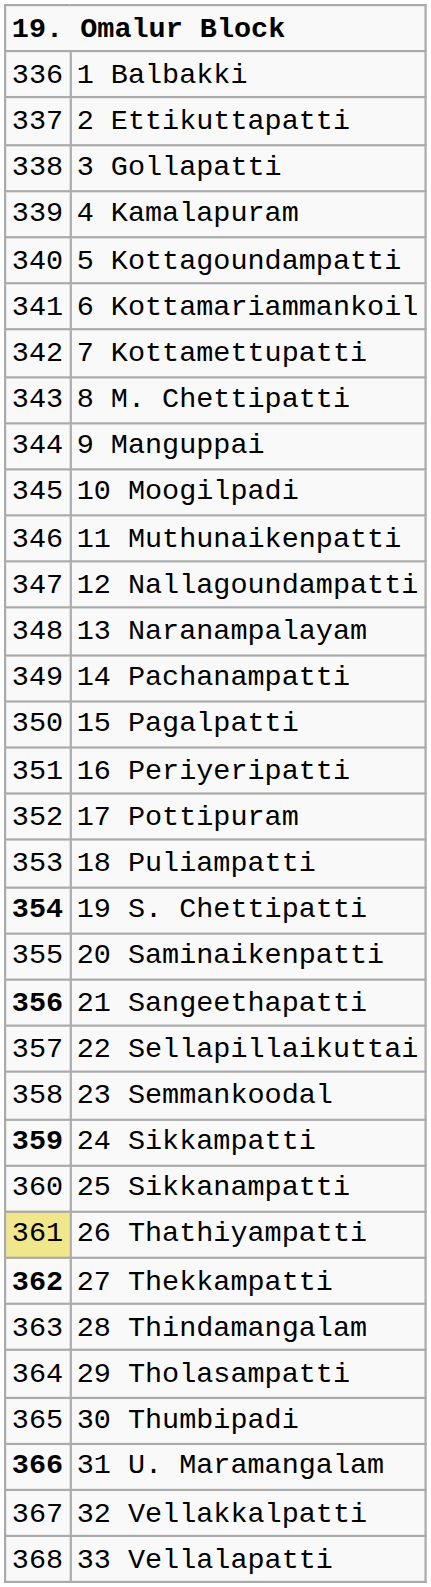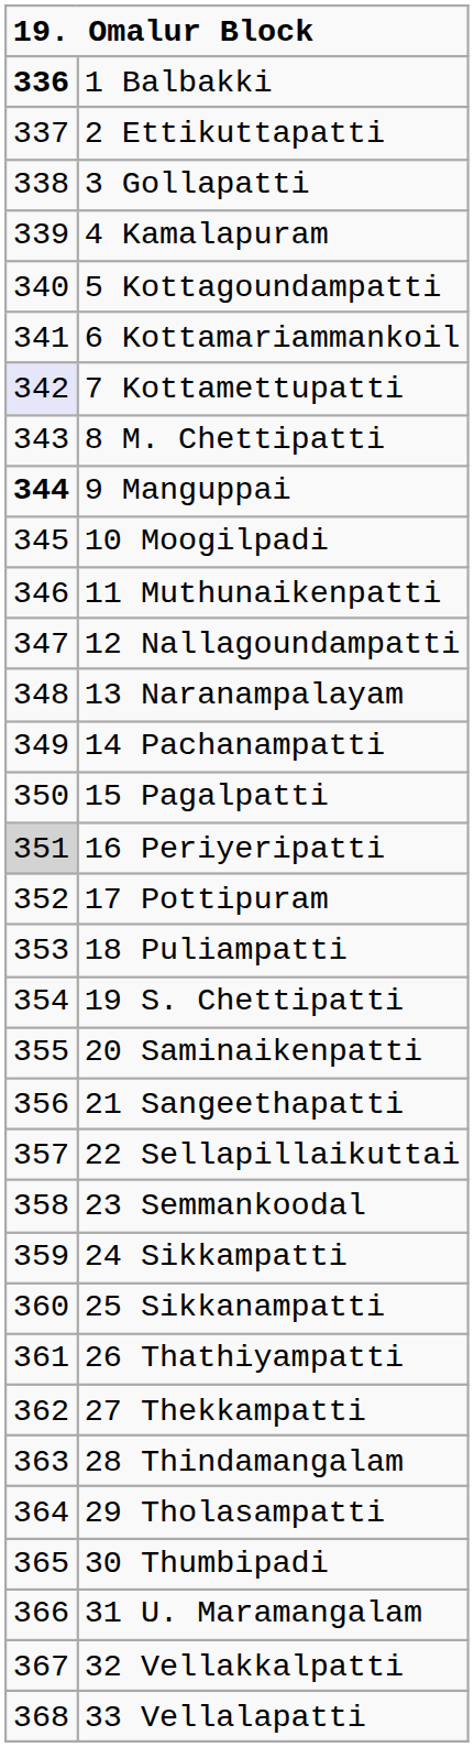 <table class="wikitable">
 <tr>
 <td colspan="2"><strong>19. Omalur Block</strong></td>
 </tr>
 <tr>
-<td>336</td>
+<td><strong>336</strong></td>
 <td>1 Balbakki</td>
 </tr>
 <tr>
 <td>337</td>
 <td>2 Ettikuttapatti</td>
 </tr>
 <tr>
 <td>338</td>
 <td>3 Gollapatti</td>
 </tr>
 <tr>
 <td>339</td>
 <td>4 Kamalapuram</td>
 </tr>
 <tr>
 <td>340</td>
 <td>5 Kottagoundampatti</td>
 </tr>
 <tr>
 <td>341</td>
 <td>6 Kottamariammankoil</td>
 </tr>
 <tr>
-<td>342</td>
+<td style="background: lavender;">342</td>
 <td>7 Kottamettupatti</td>
 </tr>
 <tr>
 <td>343</td>
 <td>8 M. Chettipatti</td>
 </tr>
 <tr>
-<td>344</td>
+<td><strong>344</strong></td>
 <td>9 Manguppai</td>
 </tr>
 <tr>
 <td>345</td>
 <td>10 Moogilpadi</td>
 </tr>
 <tr>
 <td>346</td>
 <td>11 Muthunaikenpatti</td>
 </tr>
 <tr>
 <td>347</td>
 <td>12 Nallagoundampatti</td>
 </tr>
 <tr>
 <td>348</td>
 <td>13 Naranampalayam</td>
 </tr>
 <tr>
 <td>349</td>
 <td>14 Pachanampatti</td>
 </tr>
 <tr>
 <td>350</td>
 <td>15 Pagalpatti</td>
 </tr>
 <tr>
-<td>351</td>
+<td style="background: lightgrey;">351</td>
 <td>16 Periyeripatti</td>
 </tr>
 <tr>
 <td>352</td>
 <td>17 Pottipuram</td>
 </tr>
 <tr>
 <td>353</td>
 <td>18 Puliampatti</td>
 </tr>
 <tr>
-<td><strong>354</strong></td>
+<td>354</td>
 <td>19 S. Chettipatti</td>
 </tr>
 <tr>
 <td>355</td>
 <td>20 Saminaikenpatti</td>
 </tr>
 <tr>
-<td><strong>356</strong></td>
+<td>356</td>
 <td>21 Sangeethapatti</td>
 </tr>
 <tr>
 <td>357</td>
 <td>22 Sellapillaikuttai</td>
 </tr>
 <tr>
 <td>358</td>
 <td>23 Semmankoodal</td>
 </tr>
 <tr>
-<td><strong>359</strong></td>
+<td>359</td>
 <td>24 Sikkampatti</td>
 </tr>
 <tr>
 <td>360</td>
 <td>25 Sikkanampatti</td>
 </tr>
 <tr>
-<td style="background: khaki;">361</td>
+<td>361</td>
 <td>26 Thathiyampatti</td>
 </tr>
 <tr>
-<td><strong>362</strong></td>
+<td>362</td>
 <td>27 Thekkampatti</td>
 </tr>
 <tr>
 <td>363</td>
 <td>28 Thindamangalam</td>
 </tr>
 <tr>
 <td>364</td>
 <td>29 Tholasampatti</td>
 </tr>
 <tr>
 <td>365</td>
 <td>30 Thumbipadi</td>
 </tr>
 <tr>
-<td><strong>366</strong></td>
+<td>366</td>
 <td>31 U. Maramangalam</td>
 </tr>
 <tr>
 <td>367</td>
 <td>32 Vellakkalpatti</td>
 </tr>
 <tr>
 <td>368</td>
 <td>33 Vellalapatti</td>
 </tr>
 </table>
